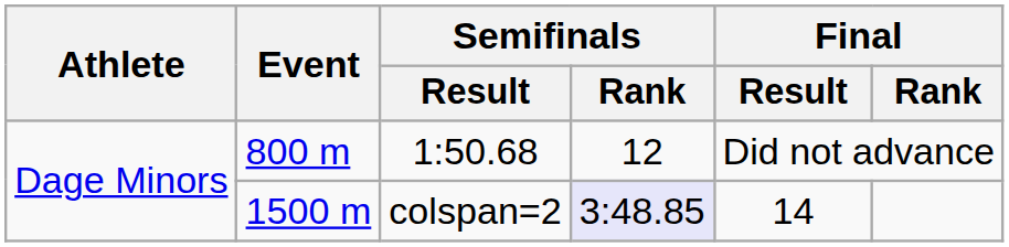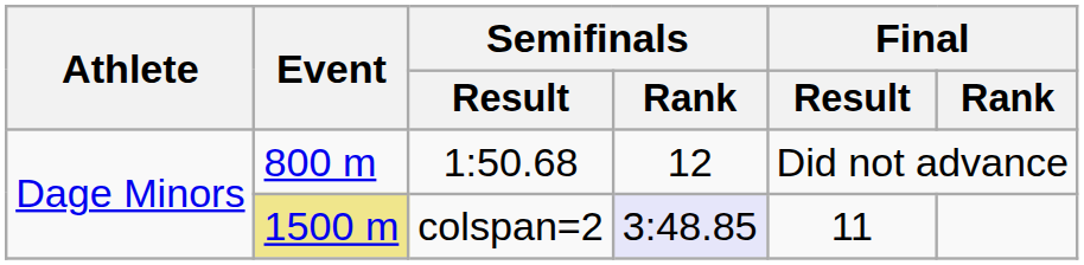 <table class=wikitable style="font-size:90%">
 <tr>
 <th rowspan="2">Athlete</th>
 <th rowspan="2">Event</th>
 <th colspan="2">Semifinals</th>
 <th colspan="2">Final</th>
 </tr>
 <tr style="font-size:95%">
 <th>Result</th>
 <th>Rank</th>
 <th>Result</th>
 <th>Rank</th>
 </tr>
 <tr align=center>
 <td align=left rowspan="2"><a href='#'>Dage Minors</a></td>
 <td align=left><a href='#'>800 m</a></td>
 <td>1:50.68</td>
 <td>12</td>
 <td colspan=2>Did not advance</td>
 </tr>
 <tr align=center>
-<td align=left><a href='#'>1500 m</a></td>
+<td align=left style="background: khaki;"><a href='#'>1500 m</a></td>
 <td>colspan=2 </td>
 <td style="background: lavender;">3:48.85</td>
-<td>14</td>
+<td>11</td>
 </tr>
 </table>
